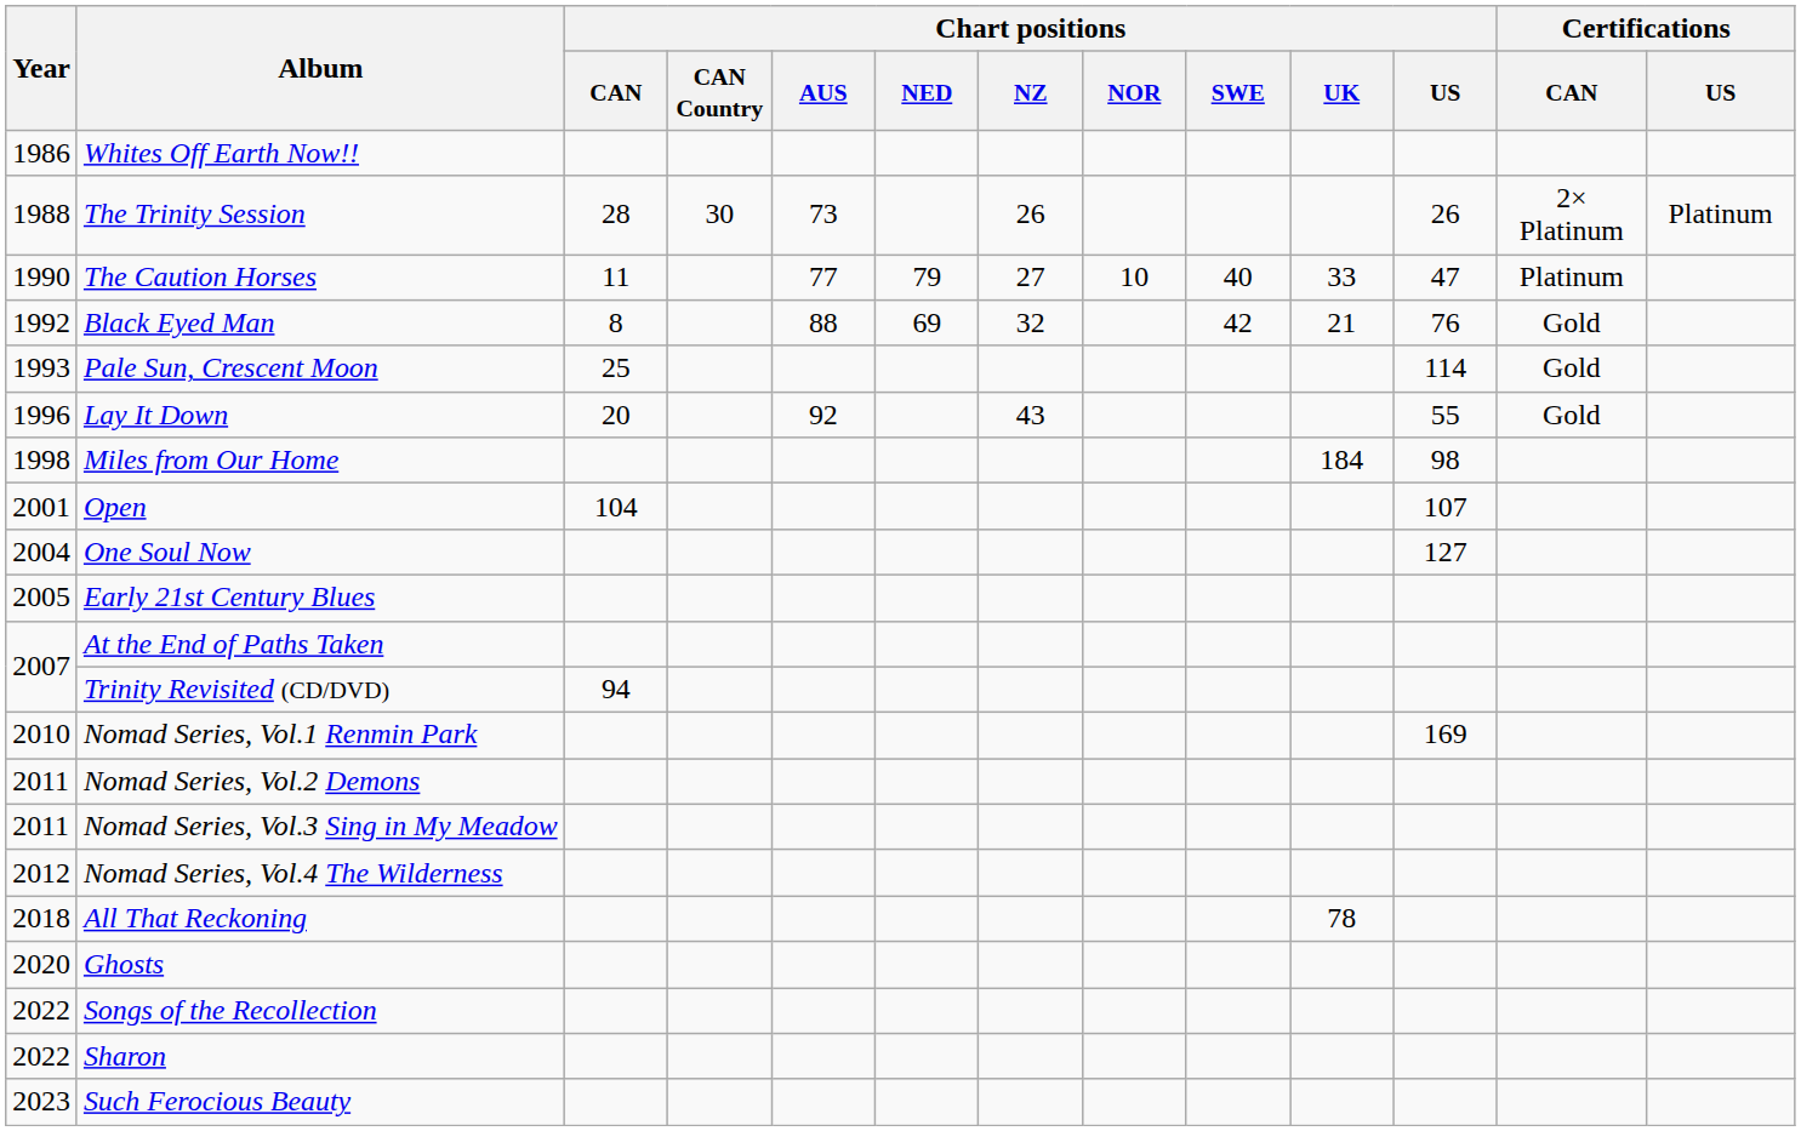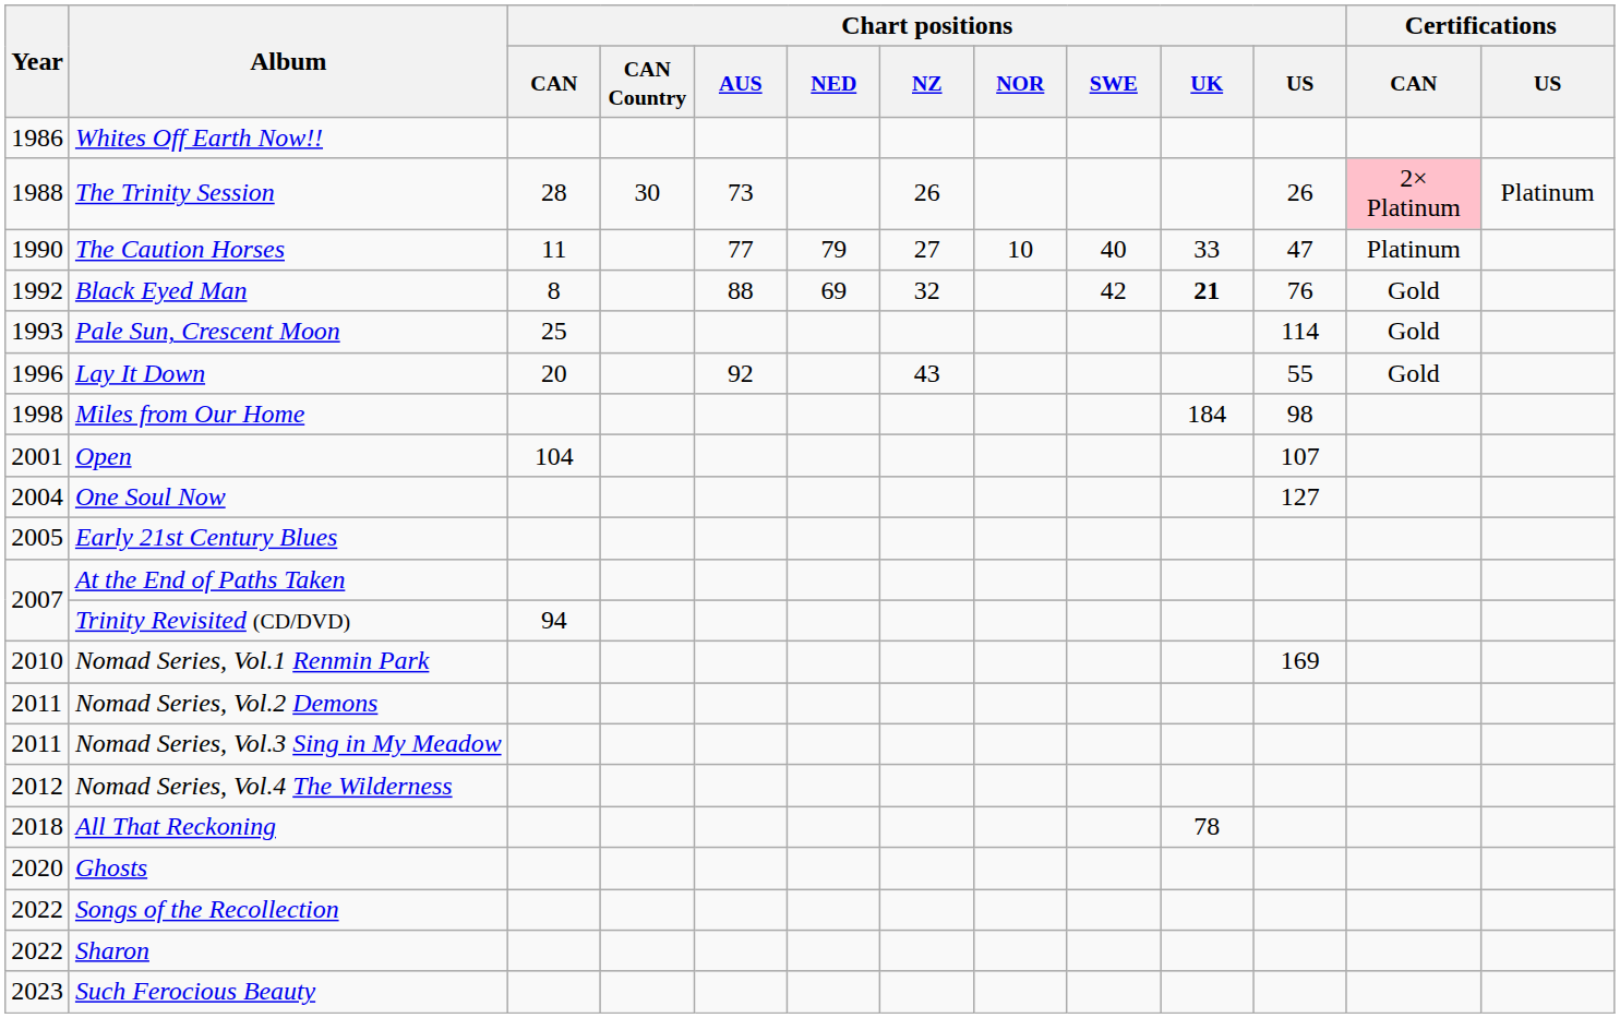 <table class="wikitable">
 <tr>
 <th rowspan="2">Year</th>
 <th rowspan="2">Album</th>
 <th colspan="9">Chart positions</th>
 <th colspan="2">Certifications</th>
 </tr>
 <tr>
 <th style="width:50px;"><small>CAN</small></th>
 <th style="width:50px;"><small>CAN Country</small></th>
 <th style="width:50px;"><small><a href='#'>AUS</a></small><br></th>
 <th style="width:50px;"><small><a href='#'>NED</a></small><br></th>
 <th style="width:50px;"><small><a href='#'>NZ</a></small><br></th>
 <th style="width:50px;"><small><a href='#'>NOR</a></small><br></th>
 <th style="width:50px;"><small><a href='#'>SWE</a></small><br></th>
 <th style="width:50px;"><small><a href='#'>UK</a><br></small></th>
 <th style="width:50px;"><small>US</small><br></th>
 <th style="width:75px;"><small>CAN</small></th>
 <th style="width:75px;"><small>US</small></th>
 </tr>
 <tr>
 <td>1986</td>
 <td><em><a href='#'>Whites Off Earth Now!!</a></em></td>
 <td></td>
 <td></td>
 <td></td>
 <td></td>
 <td></td>
 <td></td>
 <td></td>
 <td></td>
 <td></td>
 <td></td>
 <td></td>
 </tr>
 <tr>
 <td>1988</td>
 <td><em><a href='#'>The Trinity Session</a></em></td>
 <td style="text-align:center;">28</td>
 <td style="text-align:center;">30</td>
 <td style="text-align:center;">73</td>
 <td></td>
 <td style="text-align:center;">26</td>
 <td></td>
 <td></td>
 <td></td>
 <td style="text-align:center;">26</td>
-<td style="text-align:center;">2× Platinum</td>
+<td style="background: pink; text-align:center;">2× Platinum</td>
 <td style="text-align:center;">Platinum</td>
 </tr>
 <tr>
 <td>1990</td>
 <td><em><a href='#'>The Caution Horses</a></em></td>
 <td style="text-align:center;">11</td>
 <td></td>
 <td style="text-align:center;">77</td>
 <td style="text-align:center;">79</td>
 <td style="text-align:center;">27</td>
 <td style="text-align:center;">10</td>
 <td style="text-align:center;">40</td>
 <td style="text-align:center;">33</td>
 <td style="text-align:center;">47</td>
 <td style="text-align:center;">Platinum</td>
 <td></td>
 </tr>
 <tr>
 <td>1992</td>
 <td><em><a href='#'>Black Eyed Man</a></em></td>
 <td style="text-align:center;">8</td>
 <td></td>
 <td style="text-align:center;">88</td>
 <td style="text-align:center;">69</td>
 <td style="text-align:center;">32</td>
 <td></td>
 <td style="text-align:center;">42</td>
-<td style="text-align:center;">21</td>
+<td style="text-align:center;"><strong>21</strong></td>
 <td style="text-align:center;">76</td>
 <td style="text-align:center;">Gold</td>
 <td></td>
 </tr>
 <tr>
 <td>1993</td>
 <td><em><a href='#'>Pale Sun, Crescent Moon</a></em></td>
 <td style="text-align:center;">25</td>
 <td></td>
 <td></td>
 <td></td>
 <td></td>
 <td></td>
 <td></td>
 <td></td>
 <td style="text-align:center;">114</td>
 <td style="text-align:center;">Gold</td>
 <td></td>
 </tr>
 <tr>
 <td>1996</td>
 <td><em><a href='#'>Lay It Down</a></em></td>
 <td style="text-align:center;">20</td>
 <td></td>
 <td style="text-align:center;">92</td>
 <td></td>
 <td style="text-align:center;">43</td>
 <td></td>
 <td></td>
 <td></td>
 <td style="text-align:center;">55</td>
 <td style="text-align:center;">Gold</td>
 <td></td>
 </tr>
 <tr>
 <td>1998</td>
 <td><em><a href='#'>Miles from Our Home</a></em></td>
 <td></td>
 <td></td>
 <td></td>
 <td></td>
 <td></td>
 <td></td>
 <td></td>
 <td style="text-align:center;">184</td>
 <td style="text-align:center;">98</td>
 <td></td>
 <td></td>
 </tr>
 <tr>
 <td>2001</td>
 <td><em><a href='#'>Open</a></em></td>
 <td style="text-align:center;">104</td>
 <td></td>
 <td></td>
 <td></td>
 <td></td>
 <td></td>
 <td></td>
 <td></td>
 <td style="text-align:center;">107</td>
 <td></td>
 <td></td>
 </tr>
 <tr>
 <td>2004</td>
 <td><em><a href='#'>One Soul Now</a></em></td>
 <td></td>
 <td></td>
 <td></td>
 <td></td>
 <td></td>
 <td></td>
 <td></td>
 <td></td>
 <td style="text-align:center;">127</td>
 <td></td>
 <td></td>
 </tr>
 <tr>
 <td>2005</td>
 <td><em><a href='#'>Early 21st Century Blues</a></em></td>
 <td></td>
 <td></td>
 <td></td>
 <td></td>
 <td></td>
 <td></td>
 <td></td>
 <td></td>
 <td></td>
 <td></td>
 <td></td>
 </tr>
 <tr>
 <td rowspan="2">2007</td>
 <td><em><a href='#'>At the End of Paths Taken</a></em></td>
 <td></td>
 <td></td>
 <td></td>
 <td></td>
 <td></td>
 <td></td>
 <td></td>
 <td></td>
 <td></td>
 <td></td>
 <td></td>
 </tr>
 <tr>
 <td><em><a href='#'>Trinity Revisited</a></em> <small>(CD/DVD)</small></td>
 <td style="text-align:center;">94</td>
 <td></td>
 <td></td>
 <td></td>
 <td></td>
 <td></td>
 <td></td>
 <td></td>
 <td></td>
 <td></td>
 <td></td>
 </tr>
 <tr>
 <td>2010</td>
 <td><em>Nomad Series, Vol.1 <a href='#'>Renmin Park</a></em></td>
 <td></td>
 <td></td>
 <td></td>
 <td></td>
 <td></td>
 <td></td>
 <td></td>
 <td></td>
 <td style="text-align:center;">169</td>
 <td></td>
 <td></td>
 </tr>
 <tr>
 <td>2011</td>
 <td><em>Nomad Series, Vol.2 <a href='#'>Demons</a></em></td>
 <td></td>
 <td></td>
 <td></td>
 <td></td>
 <td></td>
 <td></td>
 <td></td>
 <td></td>
 <td></td>
 <td></td>
 <td></td>
 </tr>
 <tr>
 <td>2011</td>
 <td><em>Nomad Series, Vol.3 <a href='#'>Sing in My Meadow</a></em></td>
 <td></td>
 <td></td>
 <td></td>
 <td></td>
 <td></td>
 <td></td>
 <td></td>
 <td></td>
 <td></td>
 <td></td>
 <td></td>
 </tr>
 <tr>
 <td>2012</td>
 <td><em>Nomad Series, Vol.4 <a href='#'>The Wilderness</a></em></td>
 <td></td>
 <td></td>
 <td></td>
 <td></td>
 <td></td>
 <td></td>
 <td></td>
 <td></td>
 <td></td>
 <td></td>
 <td></td>
 </tr>
 <tr>
 <td>2018</td>
 <td><em><a href='#'>All That Reckoning</a></em></td>
 <td></td>
 <td></td>
 <td></td>
 <td></td>
 <td></td>
 <td></td>
 <td></td>
 <td style="text-align:center;">78</td>
 <td></td>
 <td></td>
 <td></td>
 </tr>
 <tr>
 <td>2020</td>
 <td><em><a href='#'>Ghosts</a></em></td>
 <td></td>
 <td></td>
 <td></td>
 <td></td>
 <td></td>
 <td></td>
 <td></td>
 <td></td>
 <td></td>
 <td></td>
 <td></td>
 </tr>
 <tr>
 <td>2022</td>
 <td><em><a href='#'>Songs of the Recollection</a></em></td>
 <td></td>
 <td></td>
 <td></td>
 <td></td>
 <td></td>
 <td></td>
 <td></td>
 <td></td>
 <td></td>
 <td></td>
 <td></td>
 </tr>
 <tr>
 <td>2022</td>
 <td><em><a href='#'>Sharon</a></em></td>
 <td></td>
 <td></td>
 <td></td>
 <td></td>
 <td></td>
 <td></td>
 <td></td>
 <td></td>
 <td></td>
 <td></td>
 <td></td>
 </tr>
 <tr>
 <td>2023</td>
 <td><em><a href='#'>Such Ferocious Beauty</a></em></td>
 <td></td>
 <td></td>
 <td></td>
 <td></td>
 <td></td>
 <td></td>
 <td></td>
 <td></td>
 <td></td>
 <td></td>
 <td></td>
 </tr>
 </table>
